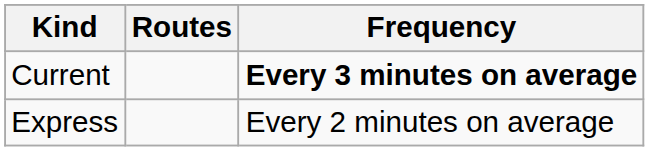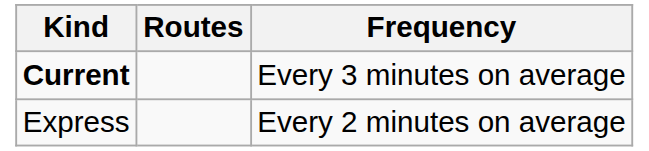 <table class="wikitable" style="margin: 1em auto;">
 <tr>
 <th>Kind</th>
 <th>Routes</th>
 <th>Frequency</th>
 </tr>
 <tr>
-<td>Current</td>
+<td><strong>Current</strong></td>
 <td></td>
-<td><strong>Every 3 minutes on average</strong></td>
+<td>Every 3 minutes on average</td>
 </tr>
 <tr>
 <td>Express</td>
 <td></td>
 <td>Every 2 minutes on average</td>
 </tr>
 </table>
